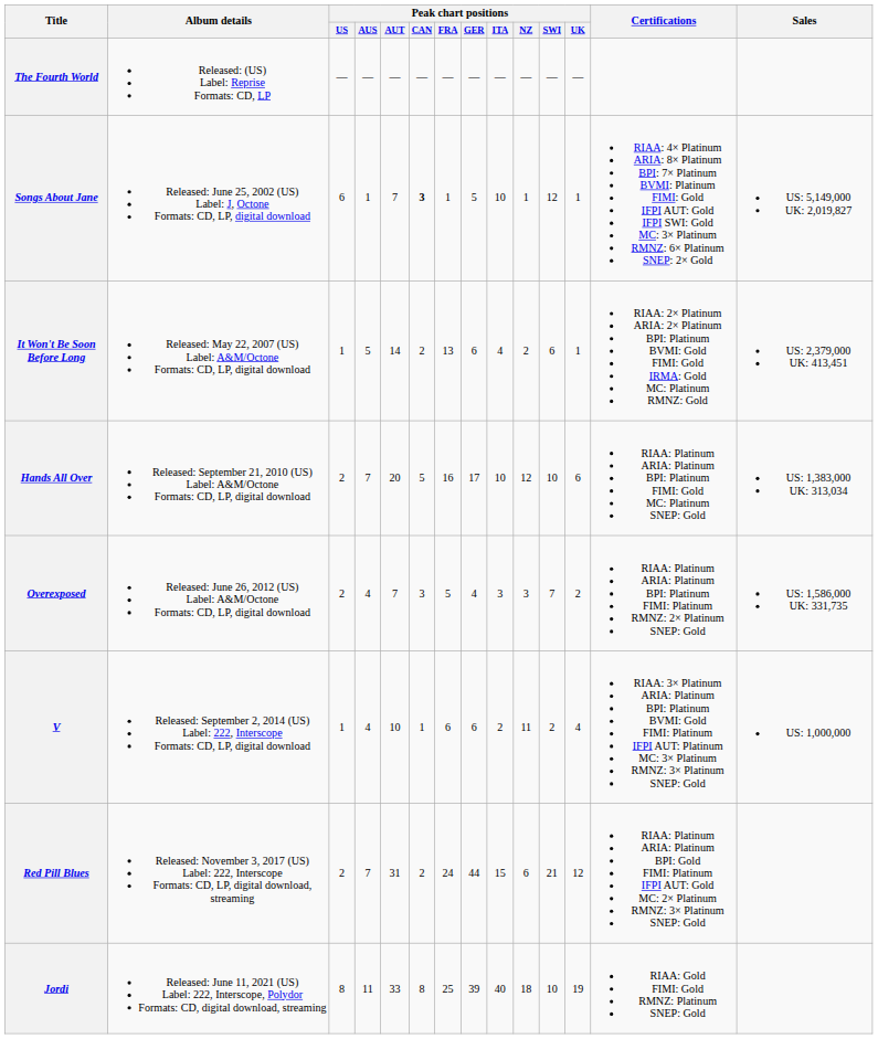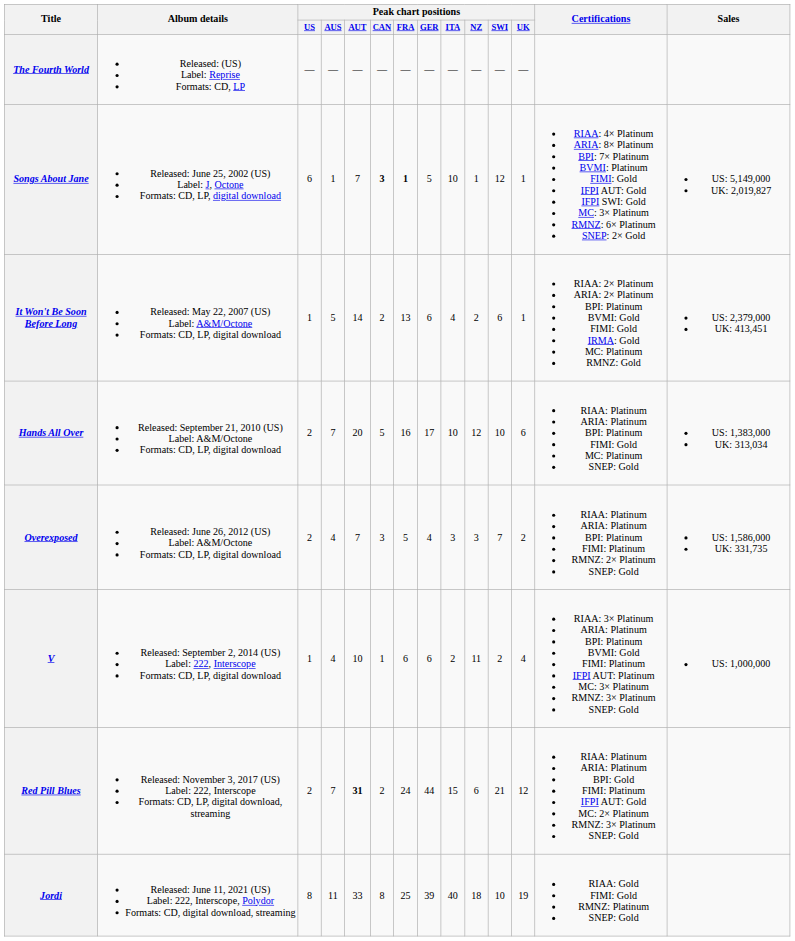 <table class="wikitable plainrowheaders" style="text-align:center;">
 <tr>
 <th scope="col" rowspan="2" style="width:9em;">Title</th>
 <th scope="col" rowspan="2" style="width:20em;">Album details</th>
 <th scope="col" colspan="10">Peak chart positions</th>
 <th scope="col" rowspan="2" style="width:13em;"><a href='#'>Certifications</a></th>
 <th scope="col" rowspan="2" style="width:12em;">Sales</th>
 </tr>
 <tr>
 <th scope="col" style="width:2.3em;font-size:85%;"><a href='#'>US</a><br></th>
 <th scope="col" style="width:2.3em;font-size:85%;"><a href='#'>AUS</a><br></th>
 <th scope="col" style="width:2.5em;font-size:85%;"><a href='#'>AUT</a><br></th>
 <th scope="col" style="width:2.3em;font-size:85%;"><a href='#'>CAN</a><br></th>
 <th scope="col" style="width:2.3em;font-size:85%;"><a href='#'>FRA</a><br></th>
 <th scope="col" style="width:2.3em;font-size:85%;"><a href='#'>GER</a><br></th>
 <th scope="col" style="width:2.3em;font-size:85%;"><a href='#'>ITA</a><br></th>
 <th scope="col" style="width:2.3em;font-size:85%;"><a href='#'>NZ</a><br></th>
 <th scope="col" style="width:2.3em;font-size:85%;"><a href='#'>SWI</a><br></th>
 <th scope="col" style="width:2.3em;font-size:85%;"><a href='#'>UK</a><br></th>
 </tr>
 <tr>
 <th scope="row"><em><a href='#'>The Fourth World</a></em><br></th>
 <td><br><ul><li>Released:  <span>(US)</span></li><li>Label: <a href='#'>Reprise</a></li><li>Formats: CD, <a href='#'>LP</a></li></ul></td>
 <td>—</td>
 <td>—</td>
 <td>—</td>
 <td>—</td>
 <td>—</td>
 <td>—</td>
 <td>—</td>
 <td>—</td>
 <td>—</td>
 <td>—</td>
 <td></td>
 <td></td>
 </tr>
 <tr>
 <th scope="row"><em><a href='#'>Songs About Jane</a></em></th>
 <td><br><ul><li>Released: June 25, 2002 <span>(US)</span></li><li>Label: <a href='#'>J</a>, <a href='#'>Octone</a></li><li>Formats: CD, LP, <a href='#'>digital download</a></li></ul></td>
 <td>6</td>
 <td>1</td>
 <td>7</td>
 <td><strong>3</strong></td>
-<td>1</td>
+<td><strong>1</strong></td>
 <td>5</td>
 <td>10</td>
 <td>1</td>
 <td>12</td>
 <td>1</td>
 <td><br><ul><li><a href='#'>RIAA</a>: 4× Platinum</li><li><a href='#'>ARIA</a>: 8× Platinum</li><li><a href='#'>BPI</a>: 7× Platinum</li><li><a href='#'>BVMI</a>: Platinum</li><li><a href='#'>FIMI</a>: Gold</li><li><a href='#'>IFPI</a> AUT: Gold</li><li><a href='#'>IFPI</a> SWI: Gold</li><li><a href='#'>MC</a>: 3× Platinum</li><li><a href='#'>RMNZ</a>: 6× Platinum</li><li><a href='#'>SNEP</a>: 2× Gold</li></ul></td>
 <td><br><ul><li>US: 5,149,000</li><li>UK: 2,019,827</li></ul></td>
 </tr>
 <tr>
 <th scope="row"><em><a href='#'>It Won't Be Soon Before Long</a></em></th>
 <td><br><ul><li>Released: May 22, 2007 <span>(US)</span></li><li>Label: <a href='#'>A&M/Octone</a></li><li>Formats: CD, LP, digital download</li></ul></td>
 <td>1</td>
 <td>5</td>
 <td>14</td>
 <td>2</td>
 <td>13</td>
 <td>6</td>
 <td>4</td>
 <td>2</td>
 <td>6</td>
 <td>1</td>
 <td><br><ul><li>RIAA: 2× Platinum</li><li>ARIA: 2× Platinum</li><li>BPI: Platinum</li><li>BVMI: Gold</li><li>FIMI: Gold</li><li><a href='#'>IRMA</a>: Gold</li><li>MC: Platinum</li><li>RMNZ: Gold</li></ul></td>
 <td><br><ul><li>US: 2,379,000</li><li>UK: 413,451</li></ul></td>
 </tr>
 <tr>
 <th scope="row"><em><a href='#'>Hands All Over</a></em></th>
 <td><br><ul><li>Released: September 21, 2010 <span>(US)</span></li><li>Label: A&M/Octone</li><li>Formats: CD, LP, digital download</li></ul></td>
 <td>2</td>
 <td>7</td>
 <td>20</td>
 <td>5</td>
 <td>16</td>
 <td>17</td>
 <td>10</td>
 <td>12</td>
 <td>10</td>
 <td>6</td>
 <td><br><ul><li>RIAA: Platinum</li><li>ARIA: Platinum</li><li>BPI: Platinum</li><li>FIMI: Gold</li><li>MC: Platinum</li><li>SNEP: Gold</li></ul></td>
 <td><br><ul><li>US: 1,383,000</li><li>UK: 313,034</li></ul></td>
 </tr>
 <tr>
 <th scope="row"><em><a href='#'>Overexposed</a></em></th>
 <td><br><ul><li>Released: June 26, 2012 <span>(US)</span></li><li>Label: A&M/Octone</li><li>Formats: CD, LP, digital download</li></ul></td>
 <td>2</td>
 <td>4</td>
 <td>7</td>
 <td>3</td>
 <td>5</td>
 <td>4</td>
 <td>3</td>
 <td>3</td>
 <td>7</td>
 <td>2</td>
 <td><br><ul><li>RIAA: Platinum</li><li>ARIA: Platinum</li><li>BPI: Platinum</li><li>FIMI: Platinum</li><li>RMNZ: 2× Platinum</li><li>SNEP: Gold</li></ul></td>
 <td><br><ul><li>US: 1,586,000</li><li>UK: 331,735</li></ul></td>
 </tr>
 <tr>
 <th scope="row"><em><a href='#'>V</a></em></th>
 <td><br><ul><li>Released: September 2, 2014 <span>(US)</span></li><li>Label: <a href='#'>222</a>, <a href='#'>Interscope</a></li><li>Formats: CD, LP, digital download</li></ul></td>
 <td>1</td>
 <td>4</td>
 <td>10</td>
 <td>1</td>
 <td>6</td>
 <td>6</td>
 <td>2</td>
 <td>11</td>
 <td>2</td>
 <td>4</td>
 <td><br><ul><li>RIAA: 3× Platinum</li><li>ARIA: Platinum</li><li>BPI: Platinum</li><li>BVMI: Gold</li><li>FIMI: Platinum</li><li><a href='#'>IFPI</a> AUT: Platinum</li><li>MC: 3× Platinum</li><li>RMNZ: 3× Platinum</li><li>SNEP: Gold</li></ul></td>
 <td><br><ul><li>US: 1,000,000</li></ul></td>
 </tr>
 <tr>
 <th scope="row"><em><a href='#'>Red Pill Blues</a></em></th>
 <td><br><ul><li>Released: November 3, 2017 <span>(US)</span></li><li>Label: 222, Interscope</li><li>Formats: CD, LP, digital download, streaming</li></ul></td>
 <td>2</td>
 <td>7</td>
-<td>31</td>
+<td><strong>31</strong></td>
 <td>2</td>
 <td>24</td>
 <td>44</td>
 <td>15</td>
 <td>6</td>
 <td>21</td>
 <td>12</td>
 <td><br><ul><li>RIAA: Platinum</li><li>ARIA: Platinum</li><li>BPI: Gold</li><li>FIMI: Platinum</li><li><a href='#'>IFPI</a> AUT: Gold</li><li>MC: 2× Platinum</li><li>RMNZ: 3× Platinum</li><li>SNEP: Gold</li></ul></td>
 <td></td>
 </tr>
 <tr>
 <th scope="row"><em><a href='#'>Jordi</a></em></th>
 <td><br><ul><li>Released: June 11, 2021 <span>(US)</span></li><li>Label: 222, Interscope, <a href='#'>Polydor</a></li><li>Formats: CD, digital download, streaming</li></ul></td>
 <td>8</td>
 <td>11</td>
 <td>33</td>
 <td>8</td>
 <td>25</td>
 <td>39</td>
 <td>40</td>
 <td>18</td>
 <td>10</td>
 <td>19</td>
 <td><br><ul><li>RIAA: Gold</li><li>FIMI: Gold</li><li>RMNZ: Platinum</li><li>SNEP: Gold</li></ul></td>
 <td></td>
 </tr>
 </table>
